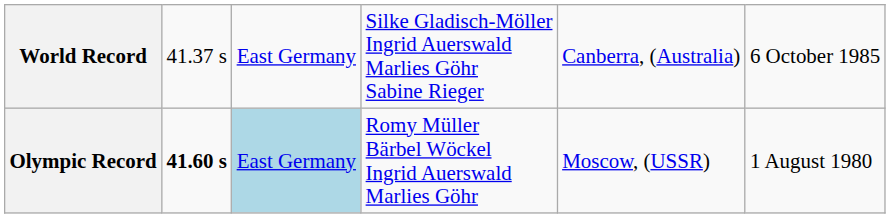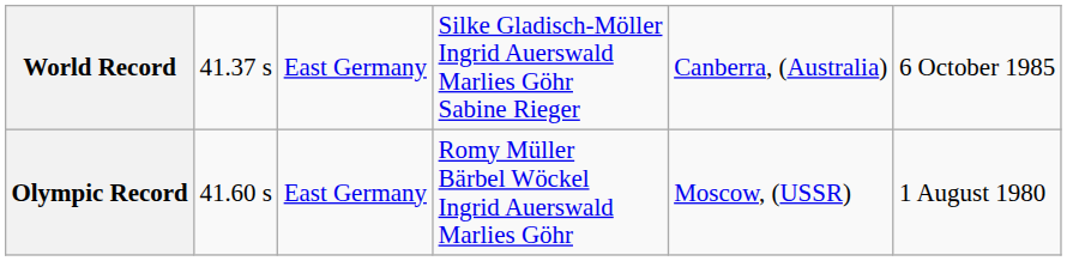 <table class="wikitable" style="text-align:left">
 <tr>
 <th>World Record</th>
 <td>41.37 s</td>
 <td> <a href='#'>East Germany</a></td>
 <td><a href='#'>Silke Gladisch-Möller</a><br><a href='#'>Ingrid Auerswald</a><br><a href='#'>Marlies Göhr</a><br><a href='#'>Sabine Rieger</a></td>
 <td><a href='#'>Canberra</a>, (<a href='#'>Australia</a>)</td>
 <td>6 October 1985</td>
 </tr>
 <tr>
 <th>Olympic Record</th>
-<td><strong>41.60 s</strong></td>
-<td style="background: lightblue;"> <a href='#'>East Germany</a></td>
+<td>41.60 s</td>
+<td> <a href='#'>East Germany</a></td>
 <td><a href='#'>Romy Müller</a><br><a href='#'>Bärbel Wöckel</a><br><a href='#'>Ingrid Auerswald</a><br><a href='#'>Marlies Göhr</a></td>
 <td><a href='#'>Moscow</a>, (<a href='#'>USSR</a>)</td>
 <td>1 August 1980</td>
 </tr>
 </table>
